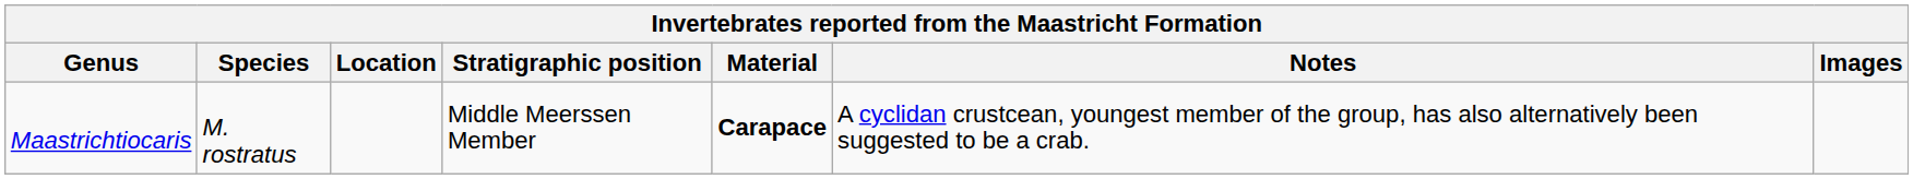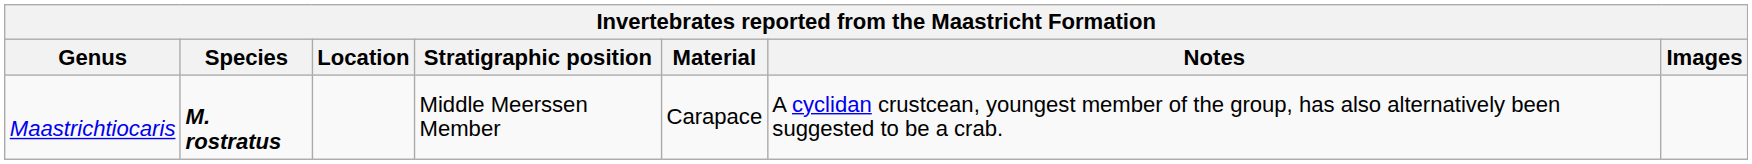 <table class="wikitable" align="center" width="100%">
 <tr>
 <th colspan="7" align="center"><strong>Invertebrates reported from the Maastricht Formation</strong></th>
 </tr>
 <tr>
 <th>Genus</th>
 <th>Species</th>
 <th>Location</th>
 <th>Stratigraphic position</th>
 <th>Material</th>
 <th>Notes</th>
 <th>Images</th>
 </tr>
 <tr>
 <td><br><em><a href='#'>Maastrichtiocaris</a></em></td>
-<td><br><em>M. rostratus</em></td>
+<td><strong><br><em>M. rostratus</em></strong></td>
 <td></td>
 <td>Middle Meerssen Member</td>
-<td><strong>Carapace</strong></td>
+<td>Carapace</td>
 <td>A <a href='#'>cyclidan</a> crustcean, youngest member of the group, has also alternatively been suggested to be a crab.</td>
 <td></td>
 </tr>
 </table>
